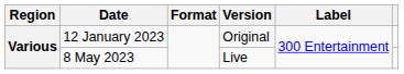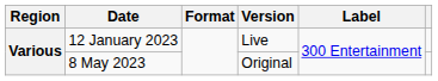 <table class="wikitable plainrowheaders">
 <tr>
 <th>Region</th>
 <th>Date</th>
 <th>Format</th>
 <th>Version</th>
 <th>Label</th>
 <th></th>
 </tr>
 <tr>
 <th rowspan="2" scope="row">Various</th>
 <td>12 January 2023</td>
 <td rowspan="2"></td>
-<td>Original</td>
+<td>Live</td>
 <td rowspan="3"><a href='#'>300 Entertainment</a></td>
 <td></td>
 </tr>
 <tr>
 <td>8 May 2023</td>
-<td>Live</td>
+<td>Original</td>
 <td></td>
 </tr>
 </table>
